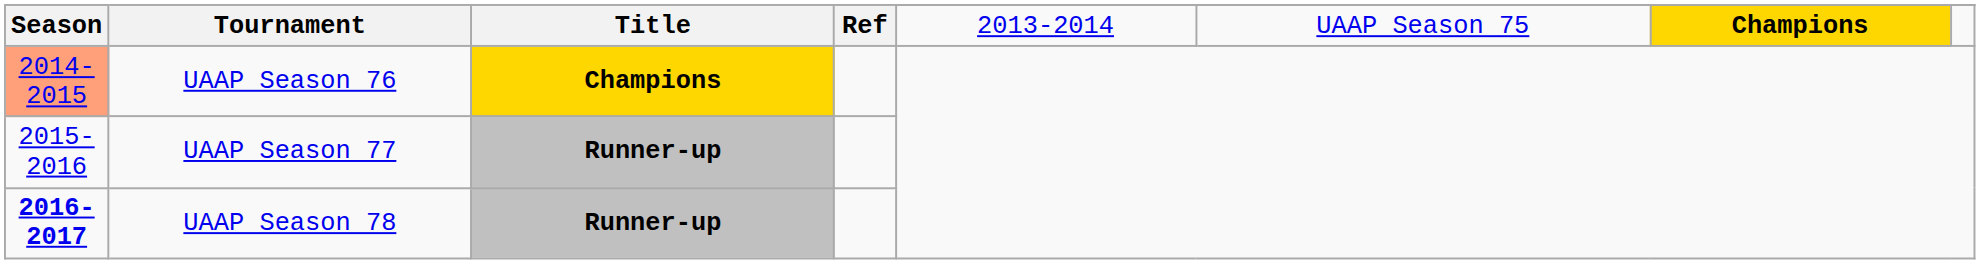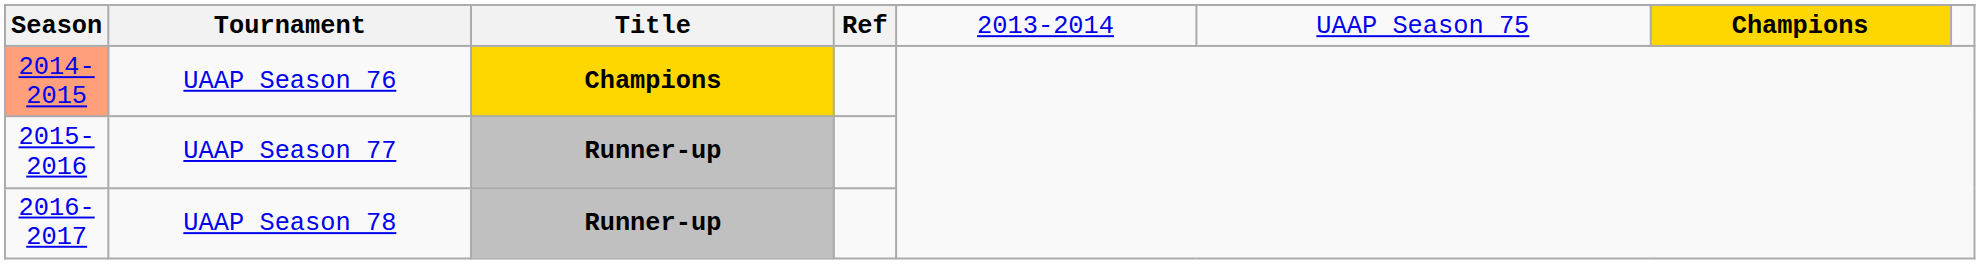 <table class="wikitable sortable" style="text-align:center" width="80%">
 <tr>
 <th style="width:25px;" rowspan="2">Season</th>
 <th style="width:180px;" rowspan="2">Tournament</th>
 <th style="width:180px;" rowspan="2">Title</th>
 <th style="width:25px;" rowspan="2">Ref</th>
 </tr>
 <tr align=center>
 <td><a href='#'>2013-2014</a></td>
 <td><a href='#'>UAAP Season 75</a></td>
 <td style="background:gold;"><strong>Champions</strong></td>
 <td></td>
 </tr>
 <tr align=center>
 <td style="background: lightsalmon;"><a href='#'>2014-2015</a></td>
 <td><a href='#'>UAAP Season 76</a></td>
 <td style="background:gold;"><strong>Champions</strong></td>
 <td></td>
 </tr>
 <tr align=center>
 <td><a href='#'>2015-2016</a></td>
 <td><a href='#'>UAAP Season 77</a></td>
 <td style="background: silver;"><strong>Runner-up</strong></td>
 <td></td>
 </tr>
 <tr align=center>
-<td><strong><a href='#'>2016-2017</a></strong></td>
+<td><a href='#'>2016-2017</a></td>
 <td><a href='#'>UAAP Season 78</a></td>
 <td style="background:silver;"><strong>Runner-up</strong></td>
 <td></td>
 </tr>
 </table>
